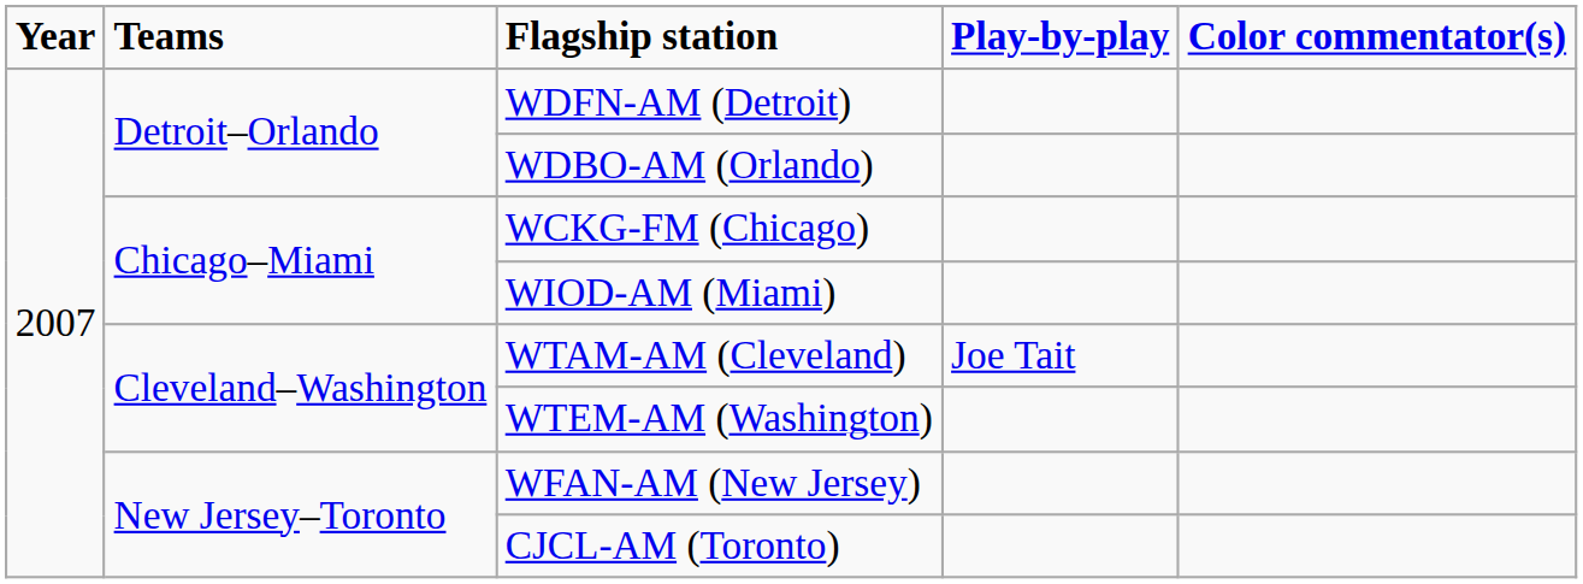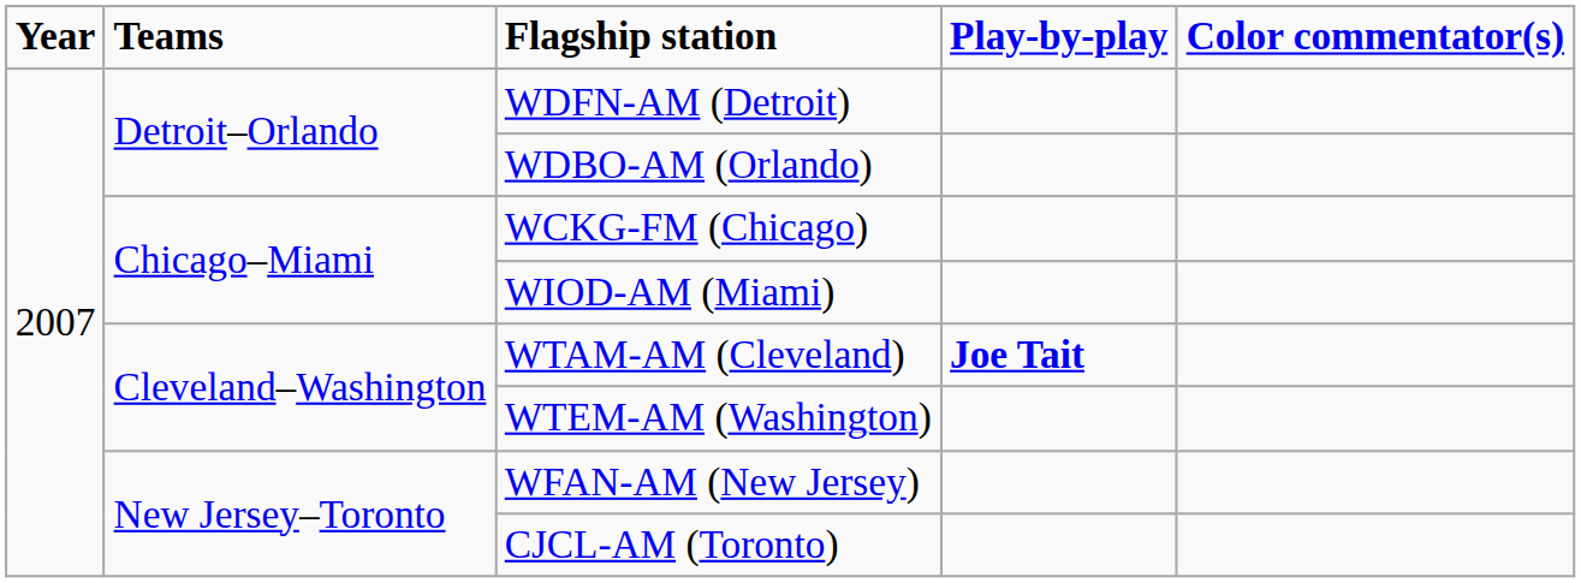 <table class="wikitable">
 <tr>
 <td><strong>Year</strong></td>
 <td><strong>Teams</strong></td>
 <td><strong>Flagship station</strong></td>
 <td><strong><a href='#'>Play-by-play</a></strong></td>
 <td><strong><a href='#'>Color commentator(s)</a></strong></td>
 </tr>
 <tr>
 <td rowspan=8>2007</td>
 <td rowspan=2><a href='#'>Detroit</a>–<a href='#'>Orlando</a></td>
 <td><a href='#'>WDFN-AM</a> (<a href='#'>Detroit</a>)</td>
 <td></td>
 <td></td>
 </tr>
 <tr>
 <td><a href='#'>WDBO-AM</a> (<a href='#'>Orlando</a>)</td>
 <td></td>
 <td></td>
 </tr>
 <tr>
 <td rowspan=2><a href='#'>Chicago</a>–<a href='#'>Miami</a></td>
 <td><a href='#'>WCKG-FM</a> (<a href='#'>Chicago</a>)</td>
 <td></td>
 <td></td>
 </tr>
 <tr>
 <td><a href='#'>WIOD-AM</a> (<a href='#'>Miami</a>)</td>
 <td></td>
 <td></td>
 </tr>
 <tr>
 <td rowspan=2><a href='#'>Cleveland</a>–<a href='#'>Washington</a></td>
 <td><a href='#'>WTAM-AM</a> (<a href='#'>Cleveland</a>)</td>
-<td><a href='#'>Joe Tait</a></td>
+<td><strong><a href='#'>Joe Tait</a></strong></td>
 <td></td>
 </tr>
 <tr>
 <td><a href='#'>WTEM-AM</a> (<a href='#'>Washington</a>)</td>
 <td></td>
 <td></td>
 </tr>
 <tr>
 <td rowspan=2><a href='#'>New Jersey</a>–<a href='#'>Toronto</a></td>
 <td><a href='#'>WFAN-AM</a> (<a href='#'>New Jersey</a>)</td>
 <td></td>
 <td></td>
 </tr>
 <tr>
 <td><a href='#'>CJCL-AM</a> (<a href='#'>Toronto</a>)</td>
 <td></td>
 <td></td>
 </tr>
 </table>
